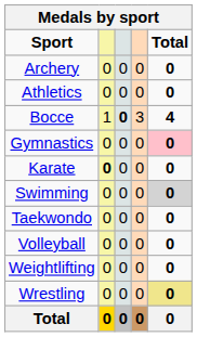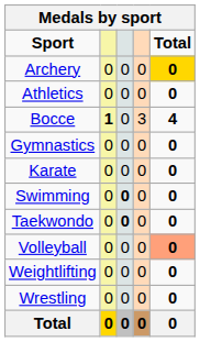 <table class="wikitable" style="font-size:85%">
 <tr style="background:#efefef;">
 <th colspan=7><strong>Medals by sport</strong></th>
 </tr>
 <tr align=center>
 <td><strong>Sport</strong></td>
 <td bgcolor=#f7f6a8></td>
 <td bgcolor=#dce5e5></td>
 <td bgcolor=#ffdab9></td>
 <td><strong>Total</strong></td>
 </tr>
 <tr align=center>
 <td><a href='#'>Archery</a></td>
 <td style="background:#F7F6A8;">0</td>
 <td style="background:#DCE5E5;">0</td>
 <td style="background:#FFDAB9;">0</td>
-<td><strong>0</strong></td>
+<td style="background: gold;"><strong>0</strong></td>
 </tr>
 <tr align=center>
 <td><a href='#'>Athletics</a></td>
 <td style="background:#F7F6A8;">0</td>
 <td style="background:#DCE5E5;">0</td>
 <td style="background:#FFDAB9;">0</td>
 <td><strong>0</strong></td>
 </tr>
 <tr align=center>
 <td><a href='#'>Bocce</a></td>
-<td style="background:#F7F6A8;">1</td>
-<td style="background:#DCE5E5;"><strong>0</strong></td>
+<td style="background:#F7F6A8;"><strong>1</strong></td>
+<td style="background:#DCE5E5;">0</td>
 <td style="background:#FFDAB9;">3</td>
 <td><strong>4</strong></td>
 </tr>
 <tr align=center>
 <td><a href='#'>Gymnastics</a></td>
 <td style="background:#F7F6A8;">0</td>
 <td style="background:#DCE5E5;">0</td>
 <td style="background:#FFDAB9;">0</td>
-<td style="background: pink;"><strong>0</strong></td>
+<td><strong>0</strong></td>
 </tr>
 <tr align=center>
 <td><a href='#'>Karate</a></td>
-<td style="background:#F7F6A8;"><strong>0</strong></td>
+<td style="background:#F7F6A8;">0</td>
 <td style="background:#DCE5E5;">0</td>
 <td style="background:#FFDAB9;">0</td>
 <td><strong>0</strong></td>
 </tr>
 <tr align=center>
 <td><a href='#'>Swimming</a></td>
 <td style="background:#F7F6A8;">0</td>
-<td style="background:#DCE5E5;">0</td>
+<td style="background:#DCE5E5;"><strong>0</strong></td>
 <td style="background:#FFDAB9;">0</td>
-<td style="background: lightgrey;"><strong>0</strong></td>
+<td><strong>0</strong></td>
 </tr>
 <tr align=center>
 <td><a href='#'>Taekwondo</a></td>
 <td style="background:#F7F6A8;">0</td>
-<td style="background:#DCE5E5;">0</td>
+<td style="background:#DCE5E5;"><strong>0</strong></td>
 <td style="background:#FFDAB9;">0</td>
 <td><strong>0</strong></td>
 </tr>
 <tr align=center>
 <td><a href='#'>Volleyball</a></td>
 <td style="background:#F7F6A8;">0</td>
 <td style="background:#DCE5E5;">0</td>
 <td style="background:#FFDAB9;">0</td>
-<td><strong>0</strong></td>
+<td style="background: lightsalmon;"><strong>0</strong></td>
 </tr>
 <tr align=center>
 <td><a href='#'>Weightlifting</a></td>
 <td style="background:#F7F6A8;">0</td>
 <td style="background:#DCE5E5;">0</td>
 <td style="background:#FFDAB9;">0</td>
 <td><strong>0</strong></td>
 </tr>
 <tr align=center>
 <td><a href='#'>Wrestling</a></td>
 <td style="background:#F7F6A8;">0</td>
 <td style="background:#DCE5E5;">0</td>
 <td style="background:#FFDAB9;">0</td>
-<td style="background: khaki;"><strong>0</strong></td>
+<td><strong>0</strong></td>
 </tr>
 <tr align=center>
 <th><strong>Total</strong></th>
 <th style="background:gold;"><strong>0</strong></th>
 <th style="background:silver;"><strong>0</strong></th>
 <th style="background:#c96;"><strong>0</strong></th>
 <th><strong>0</strong></th>
 </tr>
 </table>
